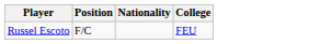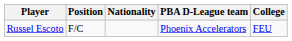 <table class="wikitable sortable sortable">
 <tr>
 <th>Player</th>
 <th>Position</th>
 <th>Nationality</th>
+<th>PBA D-League team</th>
 <th>College</th>
 </tr>
 <tr>
 <td><a href='#'>Russel Escoto</a></td>
 <td>F/C</td>
 <td></td>
+<td><a href='#'>Phoenix Accelerators</a></td>
 <td><a href='#'>FEU</a></td>
 </tr>
 </table>
